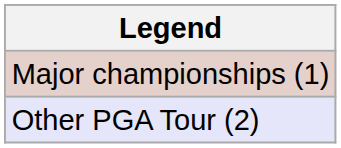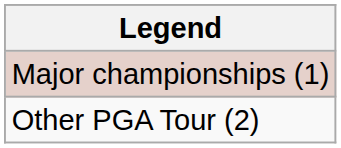 <table class="wikitable" style="font-size:95%;">
 <tr>
 <th>Legend</th>
 </tr>
 <tr style="background:#e5d1cb;">
 <td>Major championships (1)</td>
 </tr>
 <tr>
-<td style="background: lavender;">Other PGA Tour (2)</td>
+<td>Other PGA Tour (2)</td>
 </tr>
 </table>
